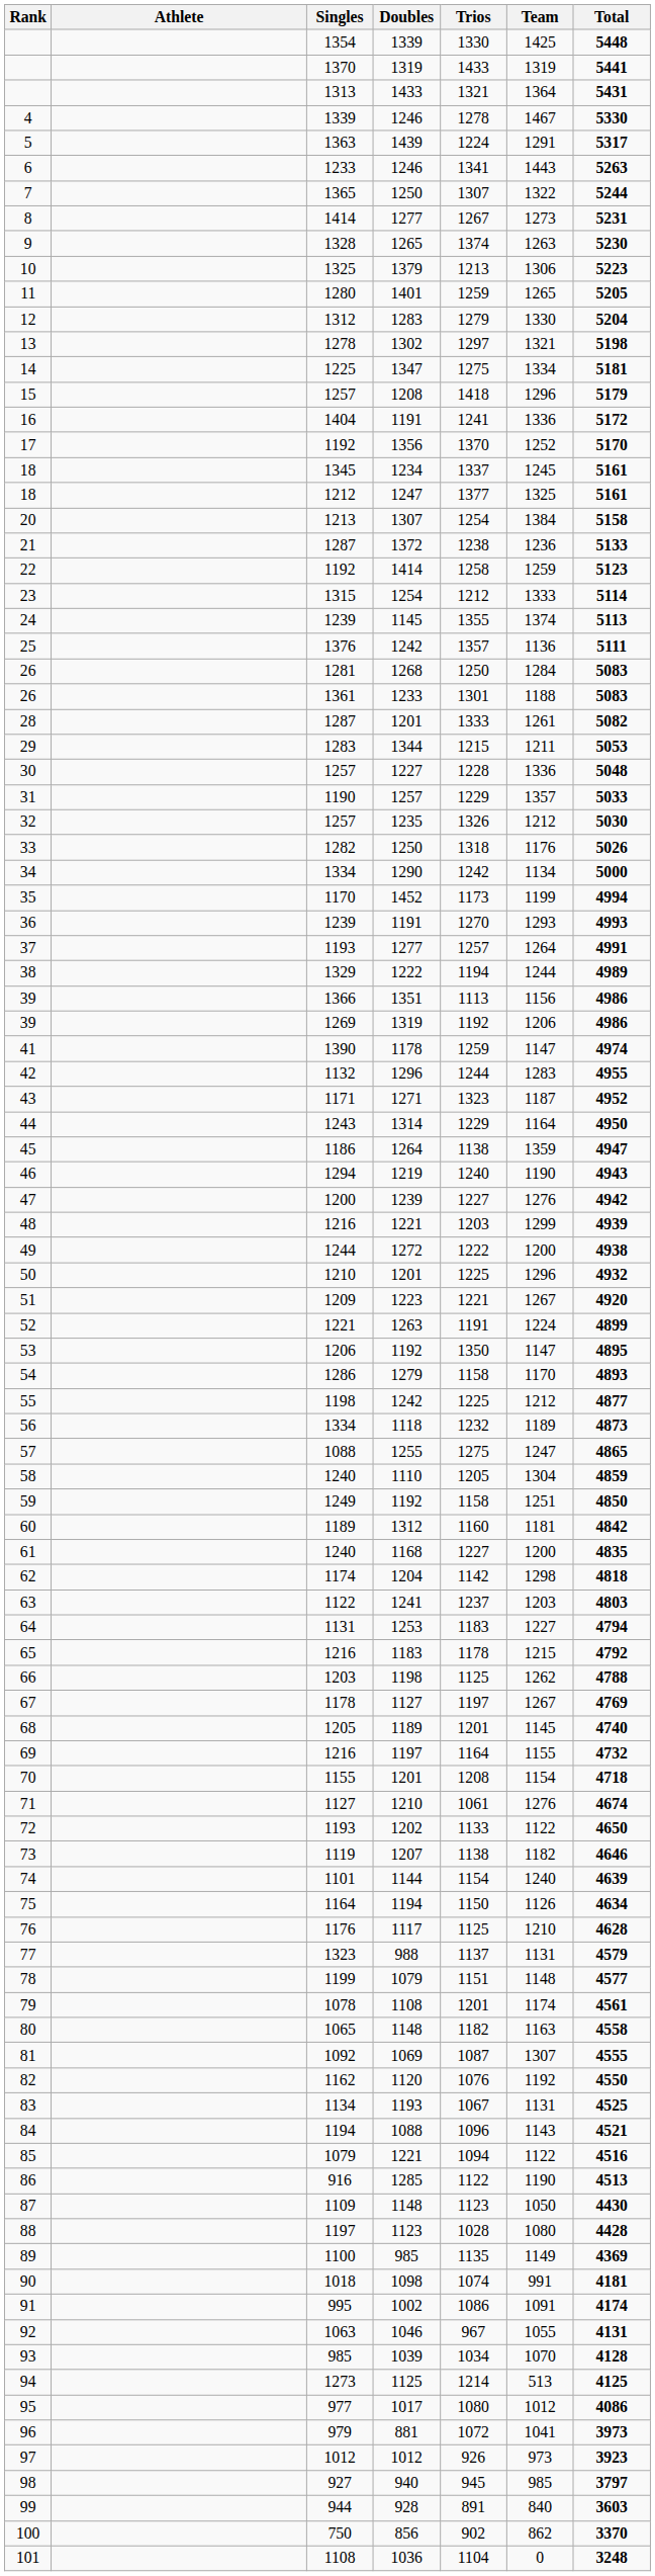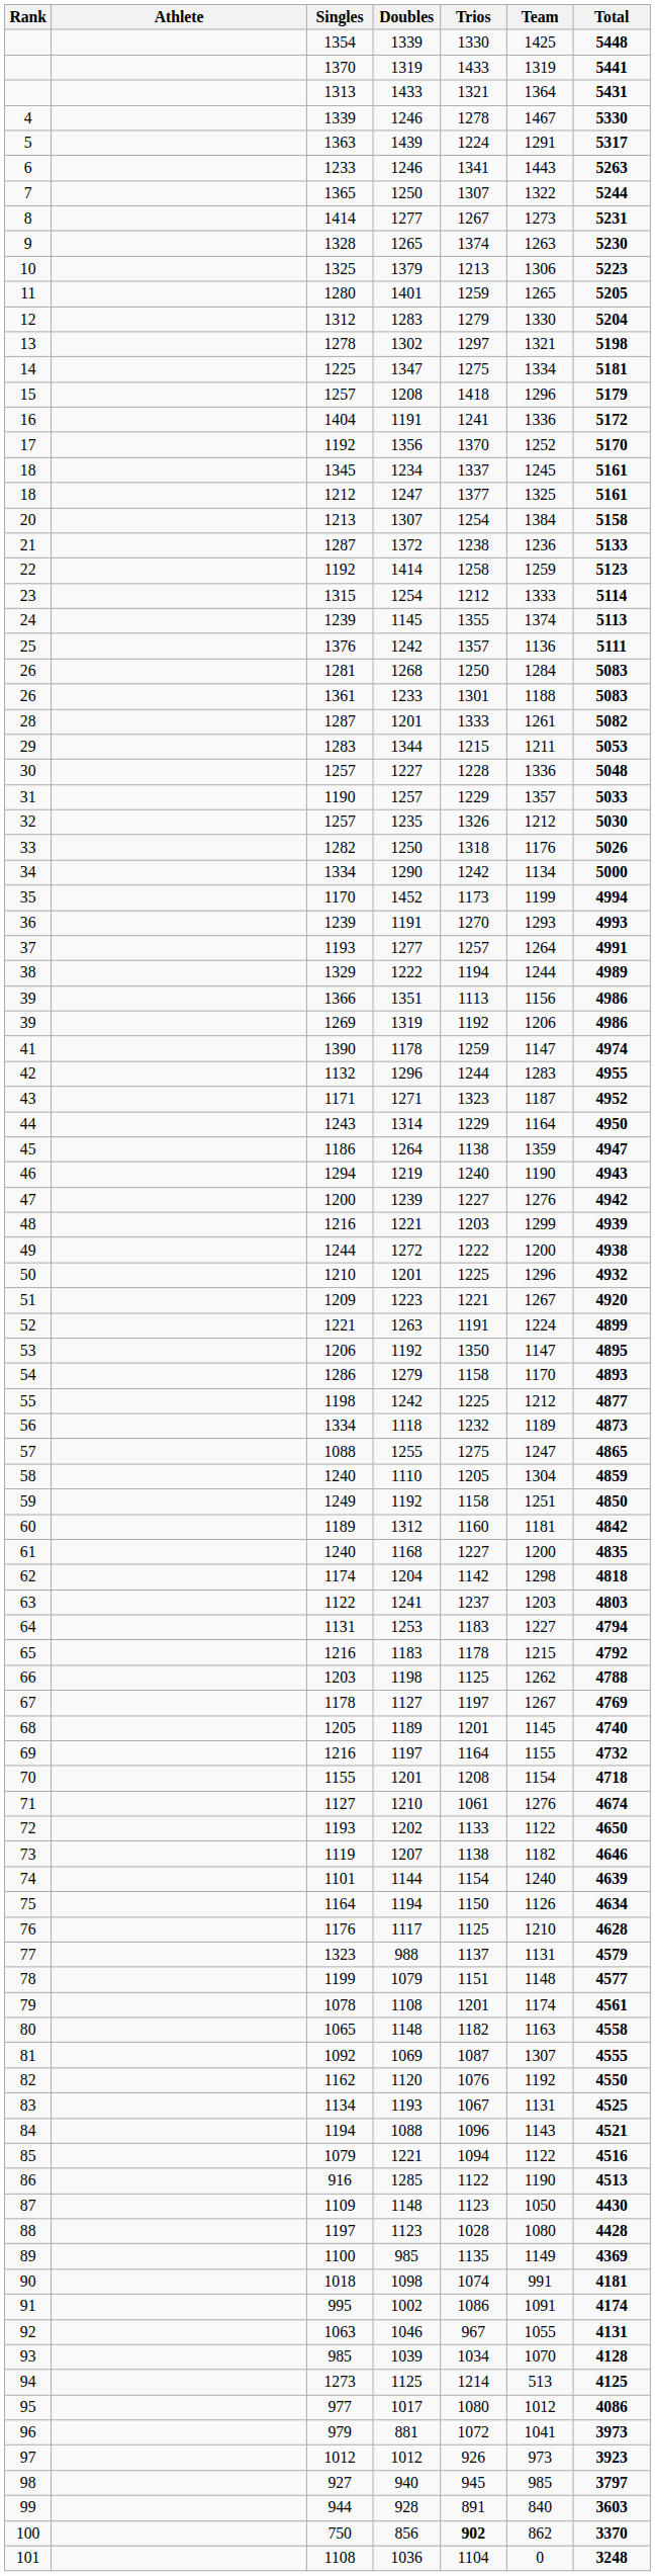 <table class=wikitable style="text-align:center">
 <tr>
 <th width=40>Rank</th>
 <th width=250>Athlete</th>
 <th width=60>Singles</th>
 <th width=60>Doubles</th>
 <th width=60>Trios</th>
 <th width=60>Team</th>
 <th width=70>Total</th>
 </tr>
 <tr>
 <td></td>
 <td align=left></td>
 <td>1354</td>
 <td>1339</td>
 <td>1330</td>
 <td>1425</td>
 <td><strong>5448</strong></td>
 </tr>
 <tr>
 <td></td>
 <td align=left></td>
 <td>1370</td>
 <td>1319</td>
 <td>1433</td>
 <td>1319</td>
 <td><strong>5441</strong></td>
 </tr>
 <tr>
 <td></td>
 <td align=left></td>
 <td>1313</td>
 <td>1433</td>
 <td>1321</td>
 <td>1364</td>
 <td><strong>5431</strong></td>
 </tr>
 <tr>
 <td>4</td>
 <td align=left></td>
 <td>1339</td>
 <td>1246</td>
 <td>1278</td>
 <td>1467</td>
 <td><strong>5330</strong></td>
 </tr>
 <tr>
 <td>5</td>
 <td align=left></td>
 <td>1363</td>
 <td>1439</td>
 <td>1224</td>
 <td>1291</td>
 <td><strong>5317</strong></td>
 </tr>
 <tr>
 <td>6</td>
 <td align=left></td>
 <td>1233</td>
 <td>1246</td>
 <td>1341</td>
 <td>1443</td>
 <td><strong>5263</strong></td>
 </tr>
 <tr>
 <td>7</td>
 <td align=left></td>
 <td>1365</td>
 <td>1250</td>
 <td>1307</td>
 <td>1322</td>
 <td><strong>5244</strong></td>
 </tr>
 <tr>
 <td>8</td>
 <td align=left></td>
 <td>1414</td>
 <td>1277</td>
 <td>1267</td>
 <td>1273</td>
 <td><strong>5231</strong></td>
 </tr>
 <tr>
 <td>9</td>
 <td align=left></td>
 <td>1328</td>
 <td>1265</td>
 <td>1374</td>
 <td>1263</td>
 <td><strong>5230</strong></td>
 </tr>
 <tr>
 <td>10</td>
 <td align=left></td>
 <td>1325</td>
 <td>1379</td>
 <td>1213</td>
 <td>1306</td>
 <td><strong>5223</strong></td>
 </tr>
 <tr>
 <td>11</td>
 <td align=left></td>
 <td>1280</td>
 <td>1401</td>
 <td>1259</td>
 <td>1265</td>
 <td><strong>5205</strong></td>
 </tr>
 <tr>
 <td>12</td>
 <td align=left></td>
 <td>1312</td>
 <td>1283</td>
 <td>1279</td>
 <td>1330</td>
 <td><strong>5204</strong></td>
 </tr>
 <tr>
 <td>13</td>
 <td align=left></td>
 <td>1278</td>
 <td>1302</td>
 <td>1297</td>
 <td>1321</td>
 <td><strong>5198</strong></td>
 </tr>
 <tr>
 <td>14</td>
 <td align=left></td>
 <td>1225</td>
 <td>1347</td>
 <td>1275</td>
 <td>1334</td>
 <td><strong>5181</strong></td>
 </tr>
 <tr>
 <td>15</td>
 <td align=left></td>
 <td>1257</td>
 <td>1208</td>
 <td>1418</td>
 <td>1296</td>
 <td><strong>5179</strong></td>
 </tr>
 <tr>
 <td>16</td>
 <td align=left></td>
 <td>1404</td>
 <td>1191</td>
 <td>1241</td>
 <td>1336</td>
 <td><strong>5172</strong></td>
 </tr>
 <tr>
 <td>17</td>
 <td align=left></td>
 <td>1192</td>
 <td>1356</td>
 <td>1370</td>
 <td>1252</td>
 <td><strong>5170</strong></td>
 </tr>
 <tr>
 <td>18</td>
 <td align=left></td>
 <td>1345</td>
 <td>1234</td>
 <td>1337</td>
 <td>1245</td>
 <td><strong>5161</strong></td>
 </tr>
 <tr>
 <td>18</td>
 <td align=left></td>
 <td>1212</td>
 <td>1247</td>
 <td>1377</td>
 <td>1325</td>
 <td><strong>5161</strong></td>
 </tr>
 <tr>
 <td>20</td>
 <td align=left></td>
 <td>1213</td>
 <td>1307</td>
 <td>1254</td>
 <td>1384</td>
 <td><strong>5158</strong></td>
 </tr>
 <tr>
 <td>21</td>
 <td align=left></td>
 <td>1287</td>
 <td>1372</td>
 <td>1238</td>
 <td>1236</td>
 <td><strong>5133</strong></td>
 </tr>
 <tr>
 <td>22</td>
 <td align=left></td>
 <td>1192</td>
 <td>1414</td>
 <td>1258</td>
 <td>1259</td>
 <td><strong>5123</strong></td>
 </tr>
 <tr>
 <td>23</td>
 <td align=left></td>
 <td>1315</td>
 <td>1254</td>
 <td>1212</td>
 <td>1333</td>
 <td><strong>5114</strong></td>
 </tr>
 <tr>
 <td>24</td>
 <td align=left></td>
 <td>1239</td>
 <td>1145</td>
 <td>1355</td>
 <td>1374</td>
 <td><strong>5113</strong></td>
 </tr>
 <tr>
 <td>25</td>
 <td align=left></td>
 <td>1376</td>
 <td>1242</td>
 <td>1357</td>
 <td>1136</td>
 <td><strong>5111</strong></td>
 </tr>
 <tr>
 <td>26</td>
 <td align=left></td>
 <td>1281</td>
 <td>1268</td>
 <td>1250</td>
 <td>1284</td>
 <td><strong>5083</strong></td>
 </tr>
 <tr>
 <td>26</td>
 <td align=left></td>
 <td>1361</td>
 <td>1233</td>
 <td>1301</td>
 <td>1188</td>
 <td><strong>5083</strong></td>
 </tr>
 <tr>
 <td>28</td>
 <td align=left></td>
 <td>1287</td>
 <td>1201</td>
 <td>1333</td>
 <td>1261</td>
 <td><strong>5082</strong></td>
 </tr>
 <tr>
 <td>29</td>
 <td align=left></td>
 <td>1283</td>
 <td>1344</td>
 <td>1215</td>
 <td>1211</td>
 <td><strong>5053</strong></td>
 </tr>
 <tr>
 <td>30</td>
 <td align=left></td>
 <td>1257</td>
 <td>1227</td>
 <td>1228</td>
 <td>1336</td>
 <td><strong>5048</strong></td>
 </tr>
 <tr>
 <td>31</td>
 <td align=left></td>
 <td>1190</td>
 <td>1257</td>
 <td>1229</td>
 <td>1357</td>
 <td><strong>5033</strong></td>
 </tr>
 <tr>
 <td>32</td>
 <td align=left></td>
 <td>1257</td>
 <td>1235</td>
 <td>1326</td>
 <td>1212</td>
 <td><strong>5030</strong></td>
 </tr>
 <tr>
 <td>33</td>
 <td align=left></td>
 <td>1282</td>
 <td>1250</td>
 <td>1318</td>
 <td>1176</td>
 <td><strong>5026</strong></td>
 </tr>
 <tr>
 <td>34</td>
 <td align=left></td>
 <td>1334</td>
 <td>1290</td>
 <td>1242</td>
 <td>1134</td>
 <td><strong>5000</strong></td>
 </tr>
 <tr>
 <td>35</td>
 <td align=left></td>
 <td>1170</td>
 <td>1452</td>
 <td>1173</td>
 <td>1199</td>
 <td><strong>4994</strong></td>
 </tr>
 <tr>
 <td>36</td>
 <td align=left></td>
 <td>1239</td>
 <td>1191</td>
 <td>1270</td>
 <td>1293</td>
 <td><strong>4993</strong></td>
 </tr>
 <tr>
 <td>37</td>
 <td align=left></td>
 <td>1193</td>
 <td>1277</td>
 <td>1257</td>
 <td>1264</td>
 <td><strong>4991</strong></td>
 </tr>
 <tr>
 <td>38</td>
 <td align=left></td>
 <td>1329</td>
 <td>1222</td>
 <td>1194</td>
 <td>1244</td>
 <td><strong>4989</strong></td>
 </tr>
 <tr>
 <td>39</td>
 <td align=left></td>
 <td>1366</td>
 <td>1351</td>
 <td>1113</td>
 <td>1156</td>
 <td><strong>4986</strong></td>
 </tr>
 <tr>
 <td>39</td>
 <td align=left></td>
 <td>1269</td>
 <td>1319</td>
 <td>1192</td>
 <td>1206</td>
 <td><strong>4986</strong></td>
 </tr>
 <tr>
 <td>41</td>
 <td align=left></td>
 <td>1390</td>
 <td>1178</td>
 <td>1259</td>
 <td>1147</td>
 <td><strong>4974</strong></td>
 </tr>
 <tr>
 <td>42</td>
 <td align=left></td>
 <td>1132</td>
 <td>1296</td>
 <td>1244</td>
 <td>1283</td>
 <td><strong>4955</strong></td>
 </tr>
 <tr>
 <td>43</td>
 <td align=left></td>
 <td>1171</td>
 <td>1271</td>
 <td>1323</td>
 <td>1187</td>
 <td><strong>4952</strong></td>
 </tr>
 <tr>
 <td>44</td>
 <td align=left></td>
 <td>1243</td>
 <td>1314</td>
 <td>1229</td>
 <td>1164</td>
 <td><strong>4950</strong></td>
 </tr>
 <tr>
 <td>45</td>
 <td align=left></td>
 <td>1186</td>
 <td>1264</td>
 <td>1138</td>
 <td>1359</td>
 <td><strong>4947</strong></td>
 </tr>
 <tr>
 <td>46</td>
 <td align=left></td>
 <td>1294</td>
 <td>1219</td>
 <td>1240</td>
 <td>1190</td>
 <td><strong>4943</strong></td>
 </tr>
 <tr>
 <td>47</td>
 <td align=left></td>
 <td>1200</td>
 <td>1239</td>
 <td>1227</td>
 <td>1276</td>
 <td><strong>4942</strong></td>
 </tr>
 <tr>
 <td>48</td>
 <td align=left></td>
 <td>1216</td>
 <td>1221</td>
 <td>1203</td>
 <td>1299</td>
 <td><strong>4939</strong></td>
 </tr>
 <tr>
 <td>49</td>
 <td align=left></td>
 <td>1244</td>
 <td>1272</td>
 <td>1222</td>
 <td>1200</td>
 <td><strong>4938</strong></td>
 </tr>
 <tr>
 <td>50</td>
 <td align=left></td>
 <td>1210</td>
 <td>1201</td>
 <td>1225</td>
 <td>1296</td>
 <td><strong>4932</strong></td>
 </tr>
 <tr>
 <td>51</td>
 <td align=left></td>
 <td>1209</td>
 <td>1223</td>
 <td>1221</td>
 <td>1267</td>
 <td><strong>4920</strong></td>
 </tr>
 <tr>
 <td>52</td>
 <td align=left></td>
 <td>1221</td>
 <td>1263</td>
 <td>1191</td>
 <td>1224</td>
 <td><strong>4899</strong></td>
 </tr>
 <tr>
 <td>53</td>
 <td align=left></td>
 <td>1206</td>
 <td>1192</td>
 <td>1350</td>
 <td>1147</td>
 <td><strong>4895</strong></td>
 </tr>
 <tr>
 <td>54</td>
 <td align=left></td>
 <td>1286</td>
 <td>1279</td>
 <td>1158</td>
 <td>1170</td>
 <td><strong>4893</strong></td>
 </tr>
 <tr>
 <td>55</td>
 <td align=left></td>
 <td>1198</td>
 <td>1242</td>
 <td>1225</td>
 <td>1212</td>
 <td><strong>4877</strong></td>
 </tr>
 <tr>
 <td>56</td>
 <td align=left></td>
 <td>1334</td>
 <td>1118</td>
 <td>1232</td>
 <td>1189</td>
 <td><strong>4873</strong></td>
 </tr>
 <tr>
 <td>57</td>
 <td align=left></td>
 <td>1088</td>
 <td>1255</td>
 <td>1275</td>
 <td>1247</td>
 <td><strong>4865</strong></td>
 </tr>
 <tr>
 <td>58</td>
 <td align=left></td>
 <td>1240</td>
 <td>1110</td>
 <td>1205</td>
 <td>1304</td>
 <td><strong>4859</strong></td>
 </tr>
 <tr>
 <td>59</td>
 <td align=left></td>
 <td>1249</td>
 <td>1192</td>
 <td>1158</td>
 <td>1251</td>
 <td><strong>4850</strong></td>
 </tr>
 <tr>
 <td>60</td>
 <td align=left></td>
 <td>1189</td>
 <td>1312</td>
 <td>1160</td>
 <td>1181</td>
 <td><strong>4842</strong></td>
 </tr>
 <tr>
 <td>61</td>
 <td align=left></td>
 <td>1240</td>
 <td>1168</td>
 <td>1227</td>
 <td>1200</td>
 <td><strong>4835</strong></td>
 </tr>
 <tr>
 <td>62</td>
 <td align=left></td>
 <td>1174</td>
 <td>1204</td>
 <td>1142</td>
 <td>1298</td>
 <td><strong>4818</strong></td>
 </tr>
 <tr>
 <td>63</td>
 <td align=left></td>
 <td>1122</td>
 <td>1241</td>
 <td>1237</td>
 <td>1203</td>
 <td><strong>4803</strong></td>
 </tr>
 <tr>
 <td>64</td>
 <td align=left></td>
 <td>1131</td>
 <td>1253</td>
 <td>1183</td>
 <td>1227</td>
 <td><strong>4794</strong></td>
 </tr>
 <tr>
 <td>65</td>
 <td align=left></td>
 <td>1216</td>
 <td>1183</td>
 <td>1178</td>
 <td>1215</td>
 <td><strong>4792</strong></td>
 </tr>
 <tr>
 <td>66</td>
 <td align=left></td>
 <td>1203</td>
 <td>1198</td>
 <td>1125</td>
 <td>1262</td>
 <td><strong>4788</strong></td>
 </tr>
 <tr>
 <td>67</td>
 <td align=left></td>
 <td>1178</td>
 <td>1127</td>
 <td>1197</td>
 <td>1267</td>
 <td><strong>4769</strong></td>
 </tr>
 <tr>
 <td>68</td>
 <td align=left></td>
 <td>1205</td>
 <td>1189</td>
 <td>1201</td>
 <td>1145</td>
 <td><strong>4740</strong></td>
 </tr>
 <tr>
 <td>69</td>
 <td align=left></td>
 <td>1216</td>
 <td>1197</td>
 <td>1164</td>
 <td>1155</td>
 <td><strong>4732</strong></td>
 </tr>
 <tr>
 <td>70</td>
 <td align=left></td>
 <td>1155</td>
 <td>1201</td>
 <td>1208</td>
 <td>1154</td>
 <td><strong>4718</strong></td>
 </tr>
 <tr>
 <td>71</td>
 <td align=left></td>
 <td>1127</td>
 <td>1210</td>
 <td>1061</td>
 <td>1276</td>
 <td><strong>4674</strong></td>
 </tr>
 <tr>
 <td>72</td>
 <td align=left></td>
 <td>1193</td>
 <td>1202</td>
 <td>1133</td>
 <td>1122</td>
 <td><strong>4650</strong></td>
 </tr>
 <tr>
 <td>73</td>
 <td align=left></td>
 <td>1119</td>
 <td>1207</td>
 <td>1138</td>
 <td>1182</td>
 <td><strong>4646</strong></td>
 </tr>
 <tr>
 <td>74</td>
 <td align=left></td>
 <td>1101</td>
 <td>1144</td>
 <td>1154</td>
 <td>1240</td>
 <td><strong>4639</strong></td>
 </tr>
 <tr>
 <td>75</td>
 <td align=left></td>
 <td>1164</td>
 <td>1194</td>
 <td>1150</td>
 <td>1126</td>
 <td><strong>4634</strong></td>
 </tr>
 <tr>
 <td>76</td>
 <td align=left></td>
 <td>1176</td>
 <td>1117</td>
 <td>1125</td>
 <td>1210</td>
 <td><strong>4628</strong></td>
 </tr>
 <tr>
 <td>77</td>
 <td align=left></td>
 <td>1323</td>
 <td>988</td>
 <td>1137</td>
 <td>1131</td>
 <td><strong>4579</strong></td>
 </tr>
 <tr>
 <td>78</td>
 <td align=left></td>
 <td>1199</td>
 <td>1079</td>
 <td>1151</td>
 <td>1148</td>
 <td><strong>4577</strong></td>
 </tr>
 <tr>
 <td>79</td>
 <td align=left></td>
 <td>1078</td>
 <td>1108</td>
 <td>1201</td>
 <td>1174</td>
 <td><strong>4561</strong></td>
 </tr>
 <tr>
 <td>80</td>
 <td align=left></td>
 <td>1065</td>
 <td>1148</td>
 <td>1182</td>
 <td>1163</td>
 <td><strong>4558</strong></td>
 </tr>
 <tr>
 <td>81</td>
 <td align=left></td>
 <td>1092</td>
 <td>1069</td>
 <td>1087</td>
 <td>1307</td>
 <td><strong>4555</strong></td>
 </tr>
 <tr>
 <td>82</td>
 <td align=left></td>
 <td>1162</td>
 <td>1120</td>
 <td>1076</td>
 <td>1192</td>
 <td><strong>4550</strong></td>
 </tr>
 <tr>
 <td>83</td>
 <td align=left></td>
 <td>1134</td>
 <td>1193</td>
 <td>1067</td>
 <td>1131</td>
 <td><strong>4525</strong></td>
 </tr>
 <tr>
 <td>84</td>
 <td align=left></td>
 <td>1194</td>
 <td>1088</td>
 <td>1096</td>
 <td>1143</td>
 <td><strong>4521</strong></td>
 </tr>
 <tr>
 <td>85</td>
 <td align=left></td>
 <td>1079</td>
 <td>1221</td>
 <td>1094</td>
 <td>1122</td>
 <td><strong>4516</strong></td>
 </tr>
 <tr>
 <td>86</td>
 <td align=left></td>
 <td>916</td>
 <td>1285</td>
 <td>1122</td>
 <td>1190</td>
 <td><strong>4513</strong></td>
 </tr>
 <tr>
 <td>87</td>
 <td align=left></td>
 <td>1109</td>
 <td>1148</td>
 <td>1123</td>
 <td>1050</td>
 <td><strong>4430</strong></td>
 </tr>
 <tr>
 <td>88</td>
 <td align=left></td>
 <td>1197</td>
 <td>1123</td>
 <td>1028</td>
 <td>1080</td>
 <td><strong>4428</strong></td>
 </tr>
 <tr>
 <td>89</td>
 <td align=left></td>
 <td>1100</td>
 <td>985</td>
 <td>1135</td>
 <td>1149</td>
 <td><strong>4369</strong></td>
 </tr>
 <tr>
 <td>90</td>
 <td align=left></td>
 <td>1018</td>
 <td>1098</td>
 <td>1074</td>
 <td>991</td>
 <td><strong>4181</strong></td>
 </tr>
 <tr>
 <td>91</td>
 <td align=left></td>
 <td>995</td>
 <td>1002</td>
 <td>1086</td>
 <td>1091</td>
 <td><strong>4174</strong></td>
 </tr>
 <tr>
 <td>92</td>
 <td align=left></td>
 <td>1063</td>
 <td>1046</td>
 <td>967</td>
 <td>1055</td>
 <td><strong>4131</strong></td>
 </tr>
 <tr>
 <td>93</td>
 <td align=left></td>
 <td>985</td>
 <td>1039</td>
 <td>1034</td>
 <td>1070</td>
 <td><strong>4128</strong></td>
 </tr>
 <tr>
 <td>94</td>
 <td align=left></td>
 <td>1273</td>
 <td>1125</td>
 <td>1214</td>
 <td>513</td>
 <td><strong>4125</strong></td>
 </tr>
 <tr>
 <td>95</td>
 <td align=left></td>
 <td>977</td>
 <td>1017</td>
 <td>1080</td>
 <td>1012</td>
 <td><strong>4086</strong></td>
 </tr>
 <tr>
 <td>96</td>
 <td align=left></td>
 <td>979</td>
 <td>881</td>
 <td>1072</td>
 <td>1041</td>
 <td><strong>3973</strong></td>
 </tr>
 <tr>
 <td>97</td>
 <td align=left></td>
 <td>1012</td>
 <td>1012</td>
 <td>926</td>
 <td>973</td>
 <td><strong>3923</strong></td>
 </tr>
 <tr>
 <td>98</td>
 <td align=left></td>
 <td>927</td>
 <td>940</td>
 <td>945</td>
 <td>985</td>
 <td><strong>3797</strong></td>
 </tr>
 <tr>
 <td>99</td>
 <td align=left></td>
 <td>944</td>
 <td>928</td>
 <td>891</td>
 <td>840</td>
 <td><strong>3603</strong></td>
 </tr>
 <tr>
 <td>100</td>
 <td align=left></td>
 <td>750</td>
 <td>856</td>
-<td>902</td>
+<td><strong>902</strong></td>
 <td>862</td>
 <td><strong>3370</strong></td>
 </tr>
 <tr>
 <td>101</td>
 <td align=left></td>
 <td>1108</td>
 <td>1036</td>
 <td>1104</td>
 <td>0</td>
 <td><strong>3248</strong></td>
 </tr>
 </table>
